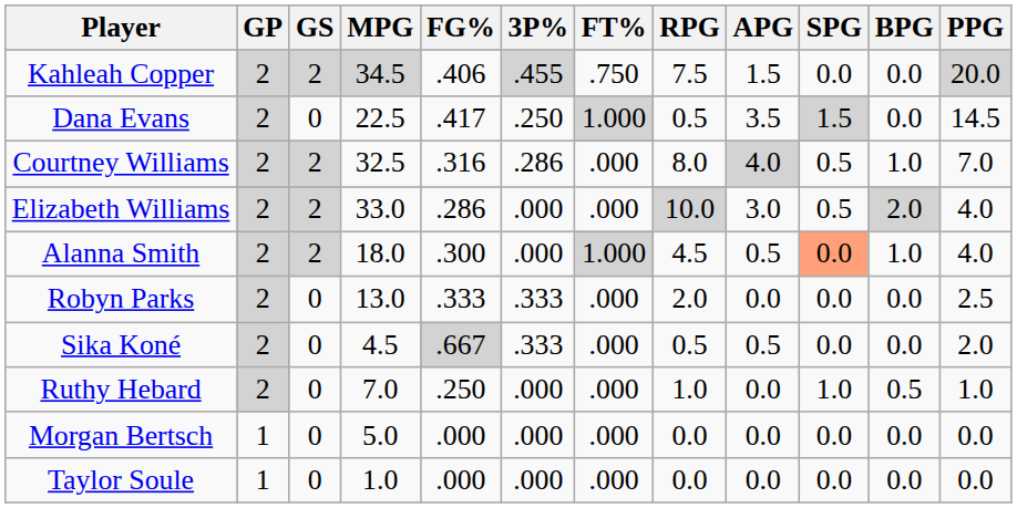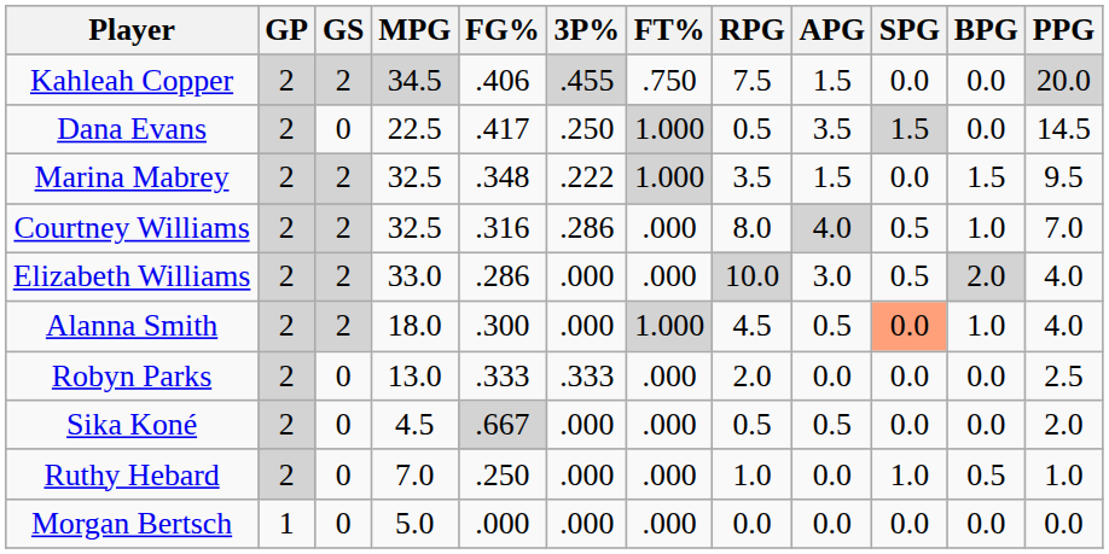 <table class="wikitable sortable" style="text-align:center;">
 <tr>
 <th>Player</th>
 <th>GP</th>
 <th>GS</th>
 <th>MPG</th>
 <th>FG%</th>
 <th>3P%</th>
 <th>FT%</th>
 <th>RPG</th>
 <th>APG</th>
 <th>SPG</th>
 <th>BPG</th>
 <th>PPG</th>
 </tr>
 <tr>
 <td><a href='#'>Kahleah Copper</a></td>
 <td style="background:#D3D3D3;">2</td>
 <td style="background:#D3D3D3;">2</td>
 <td style="background:#D3D3D3;">34.5</td>
 <td>.406</td>
 <td style="background:#D3D3D3;">.455</td>
 <td>.750</td>
 <td>7.5</td>
 <td>1.5</td>
 <td>0.0</td>
 <td>0.0</td>
 <td style="background:#D3D3D3;">20.0</td>
 </tr>
 <tr>
 <td><a href='#'>Dana Evans</a></td>
 <td style="background:#D3D3D3;">2</td>
 <td>0</td>
 <td>22.5</td>
 <td>.417</td>
 <td>.250</td>
 <td style="background:#D3D3D3;">1.000</td>
 <td>0.5</td>
 <td>3.5</td>
 <td style="background:#D3D3D3;">1.5</td>
 <td>0.0</td>
 <td>14.5</td>
+</tr>
+<tr>
+<td><a href='#'>Marina Mabrey</a></td>
+<td style="background:#D3D3D3;">2</td>
+<td style="background:#D3D3D3;">2</td>
+<td>32.5</td>
+<td>.348</td>
+<td>.222</td>
+<td style="background:#D3D3D3;">1.000</td>
+<td>3.5</td>
+<td>1.5</td>
+<td>0.0</td>
+<td>1.5</td>
+<td>9.5</td>
 </tr>
 <tr>
 <td><a href='#'>Courtney Williams</a></td>
 <td style="background:#D3D3D3;">2</td>
 <td style="background:#D3D3D3;">2</td>
 <td>32.5</td>
 <td>.316</td>
 <td>.286</td>
 <td>.000</td>
 <td>8.0</td>
 <td style="background:#D3D3D3;">4.0</td>
 <td>0.5</td>
 <td>1.0</td>
 <td>7.0</td>
 </tr>
 <tr>
 <td><a href='#'>Elizabeth Williams</a></td>
 <td style="background:#D3D3D3;">2</td>
 <td style="background:#D3D3D3;">2</td>
 <td>33.0</td>
 <td>.286</td>
 <td>.000</td>
 <td>.000</td>
 <td style="background:#D3D3D3;">10.0</td>
 <td>3.0</td>
 <td>0.5</td>
 <td style="background:#D3D3D3;">2.0</td>
 <td>4.0</td>
 </tr>
 <tr>
 <td><a href='#'>Alanna Smith</a></td>
 <td style="background:#D3D3D3;">2</td>
 <td style="background:#D3D3D3;">2</td>
 <td>18.0</td>
 <td>.300</td>
 <td>.000</td>
 <td style="background:#D3D3D3;">1.000</td>
 <td>4.5</td>
 <td>0.5</td>
 <td style="background: lightsalmon;">0.0</td>
 <td>1.0</td>
 <td>4.0</td>
 </tr>
 <tr>
 <td><a href='#'>Robyn Parks</a></td>
 <td style="background:#D3D3D3;">2</td>
 <td>0</td>
 <td>13.0</td>
 <td>.333</td>
 <td>.333</td>
 <td>.000</td>
 <td>2.0</td>
 <td>0.0</td>
 <td>0.0</td>
 <td>0.0</td>
 <td>2.5</td>
 </tr>
 <tr>
 <td><a href='#'>Sika Koné</a></td>
 <td style="background:#D3D3D3;">2</td>
 <td>0</td>
 <td>4.5</td>
 <td style="background:#D3D3D3;">.667</td>
-<td>.333</td>
+<td>.000</td>
 <td>.000</td>
 <td>0.5</td>
 <td>0.5</td>
 <td>0.0</td>
 <td>0.0</td>
 <td>2.0</td>
 </tr>
 <tr>
 <td><a href='#'>Ruthy Hebard</a></td>
 <td style="background:#D3D3D3;">2</td>
 <td>0</td>
 <td>7.0</td>
 <td>.250</td>
 <td>.000</td>
 <td>.000</td>
 <td>1.0</td>
 <td>0.0</td>
 <td>1.0</td>
 <td>0.5</td>
 <td>1.0</td>
 </tr>
 <tr>
 <td><a href='#'>Morgan Bertsch</a></td>
 <td>1</td>
 <td>0</td>
 <td>5.0</td>
 <td>.000</td>
 <td>.000</td>
 <td>.000</td>
 <td>0.0</td>
 <td>0.0</td>
 <td>0.0</td>
 <td>0.0</td>
 <td>0.0</td>
 </tr>
-<tr>
-<td><a href='#'>Taylor Soule</a></td>
-<td>1</td>
-<td>0</td>
-<td>1.0</td>
-<td>.000</td>
-<td>.000</td>
-<td>.000</td>
-<td>0.0</td>
-<td>0.0</td>
-<td>0.0</td>
-<td>0.0</td>
-<td>0.0</td>
-</tr>
 </table>
